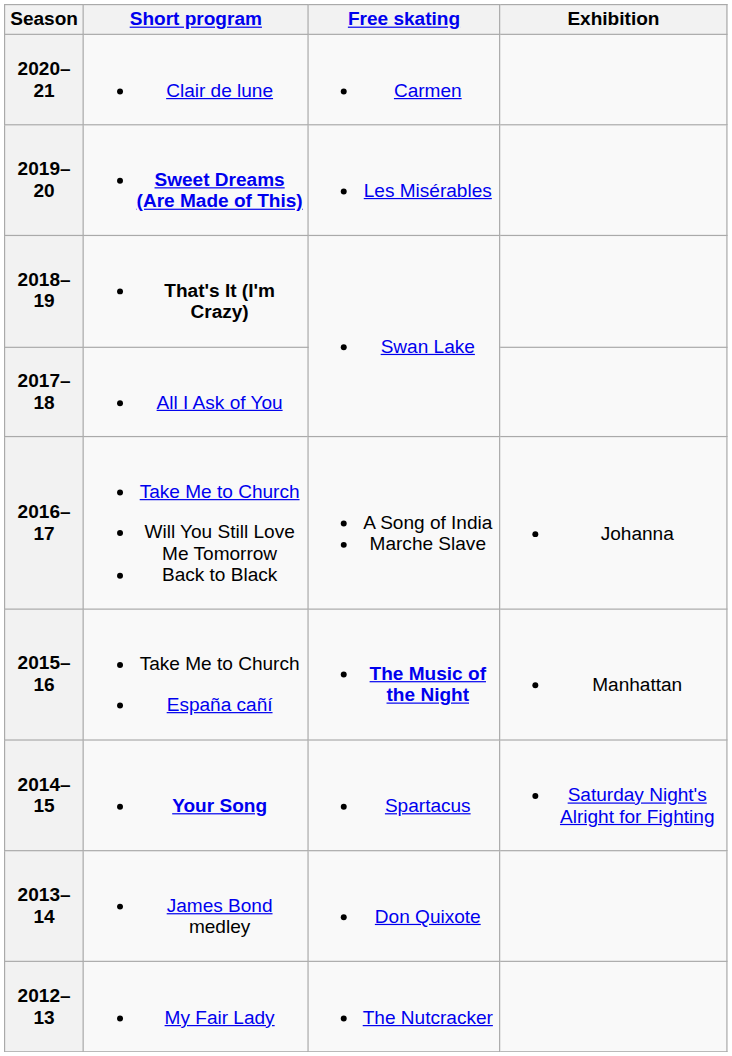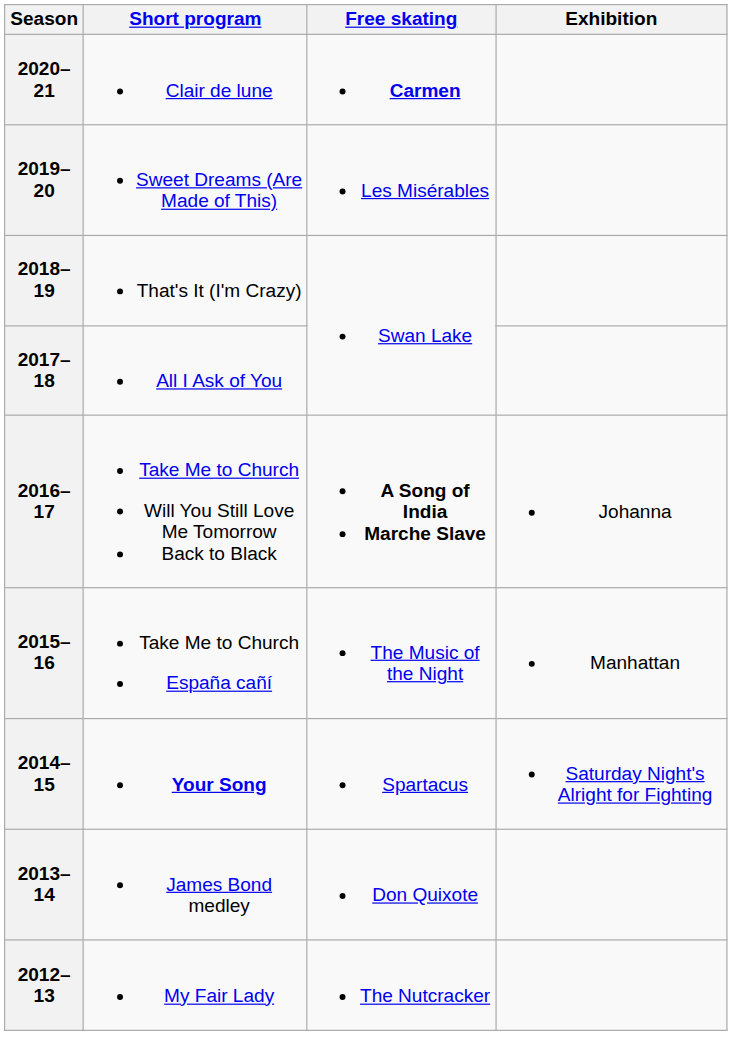 <table class=wikitable style=text-align:center>
 <tr>
 <th>Season</th>
 <th><a href='#'>Short program</a></th>
 <th><a href='#'>Free skating</a></th>
 <th>Exhibition</th>
 </tr>
 <tr>
 <th>2020–21 <br> </th>
 <td><br><ul><li><a href='#'>Clair de lune</a> <br> </li></ul></td>
-<td><br><ul><li><a href='#'>Carmen</a> <br> </li></ul></td>
+<td><strong><br><ul><li><a href='#'>Carmen</a> <br> </li></ul></strong></td>
 <td></td>
 </tr>
 <tr>
 <th>2019–20 <br> </th>
-<td><strong><br><ul><li><a href='#'>Sweet Dreams (Are Made of This)</a> <br> </li></ul></strong></td>
+<td><br><ul><li><a href='#'>Sweet Dreams (Are Made of This)</a> <br> </li></ul></td>
 <td><br><ul><li><a href='#'>Les Misérables</a> <br> </li></ul></td>
 <td></td>
 </tr>
 <tr>
 <th>2018–19 <br> </th>
-<td><strong><br><ul><li>That's It (I'm Crazy) <br></li></ul></strong></td>
+<td><br><ul><li>That's It (I'm Crazy) <br></li></ul></td>
 <td rowspan=2><br><ul><li><a href='#'>Swan Lake</a> <br></li></ul></td>
 <td></td>
 </tr>
 <tr>
 <th>2017–18 <br> </th>
 <td><br><ul><li><a href='#'>All I Ask of You</a> <br></li></ul></td>
 <td></td>
 </tr>
 <tr>
 <th>2016–17 <br> </th>
 <td><br><ul><li><a href='#'>Take Me to Church</a> <br></li></ul><ul><li>Will You Still Love Me Tomorrow</li><li>Back to Black <br></li></ul></td>
-<td><br><ul><li>A Song of India <br></li><li>Marche Slave <br></li></ul></td>
+<td><strong><br><ul><li>A Song of India <br></li><li>Marche Slave <br></li></ul></strong></td>
 <td><br><ul><li>Johanna <br></li></ul></td>
 </tr>
 <tr>
 <th>2015–16 <br> </th>
 <td><br><ul><li>Take Me to Church <br></li></ul><ul><li><a href='#'>España cañí</a> <br></li></ul></td>
-<td><strong><br><ul><li><a href='#'>The Music of the Night</a> <br></li></ul></strong></td>
+<td><br><ul><li><a href='#'>The Music of the Night</a> <br></li></ul></td>
 <td><br><ul><li>Manhattan <br></li></ul></td>
 </tr>
 <tr>
 <th>2014–15 <br> </th>
 <td><strong><br><ul><li><a href='#'>Your Song</a> <br></li></ul></strong></td>
 <td><br><ul><li><a href='#'>Spartacus</a> <br></li></ul></td>
 <td><br><ul><li><a href='#'>Saturday Night's Alright for Fighting</a> <br></li></ul></td>
 </tr>
 <tr>
 <th>2013–14 <br> </th>
 <td><br><ul><li><a href='#'>James Bond</a> medley <br></li></ul></td>
 <td><br><ul><li><a href='#'>Don Quixote</a> <br></li></ul></td>
 <td></td>
 </tr>
 <tr>
 <th>2012–13 <br> </th>
 <td><br><ul><li><a href='#'>My Fair Lady</a> <br></li></ul></td>
 <td><br><ul><li><a href='#'>The Nutcracker</a> <br></li></ul></td>
 <td></td>
 </tr>
 </table>
